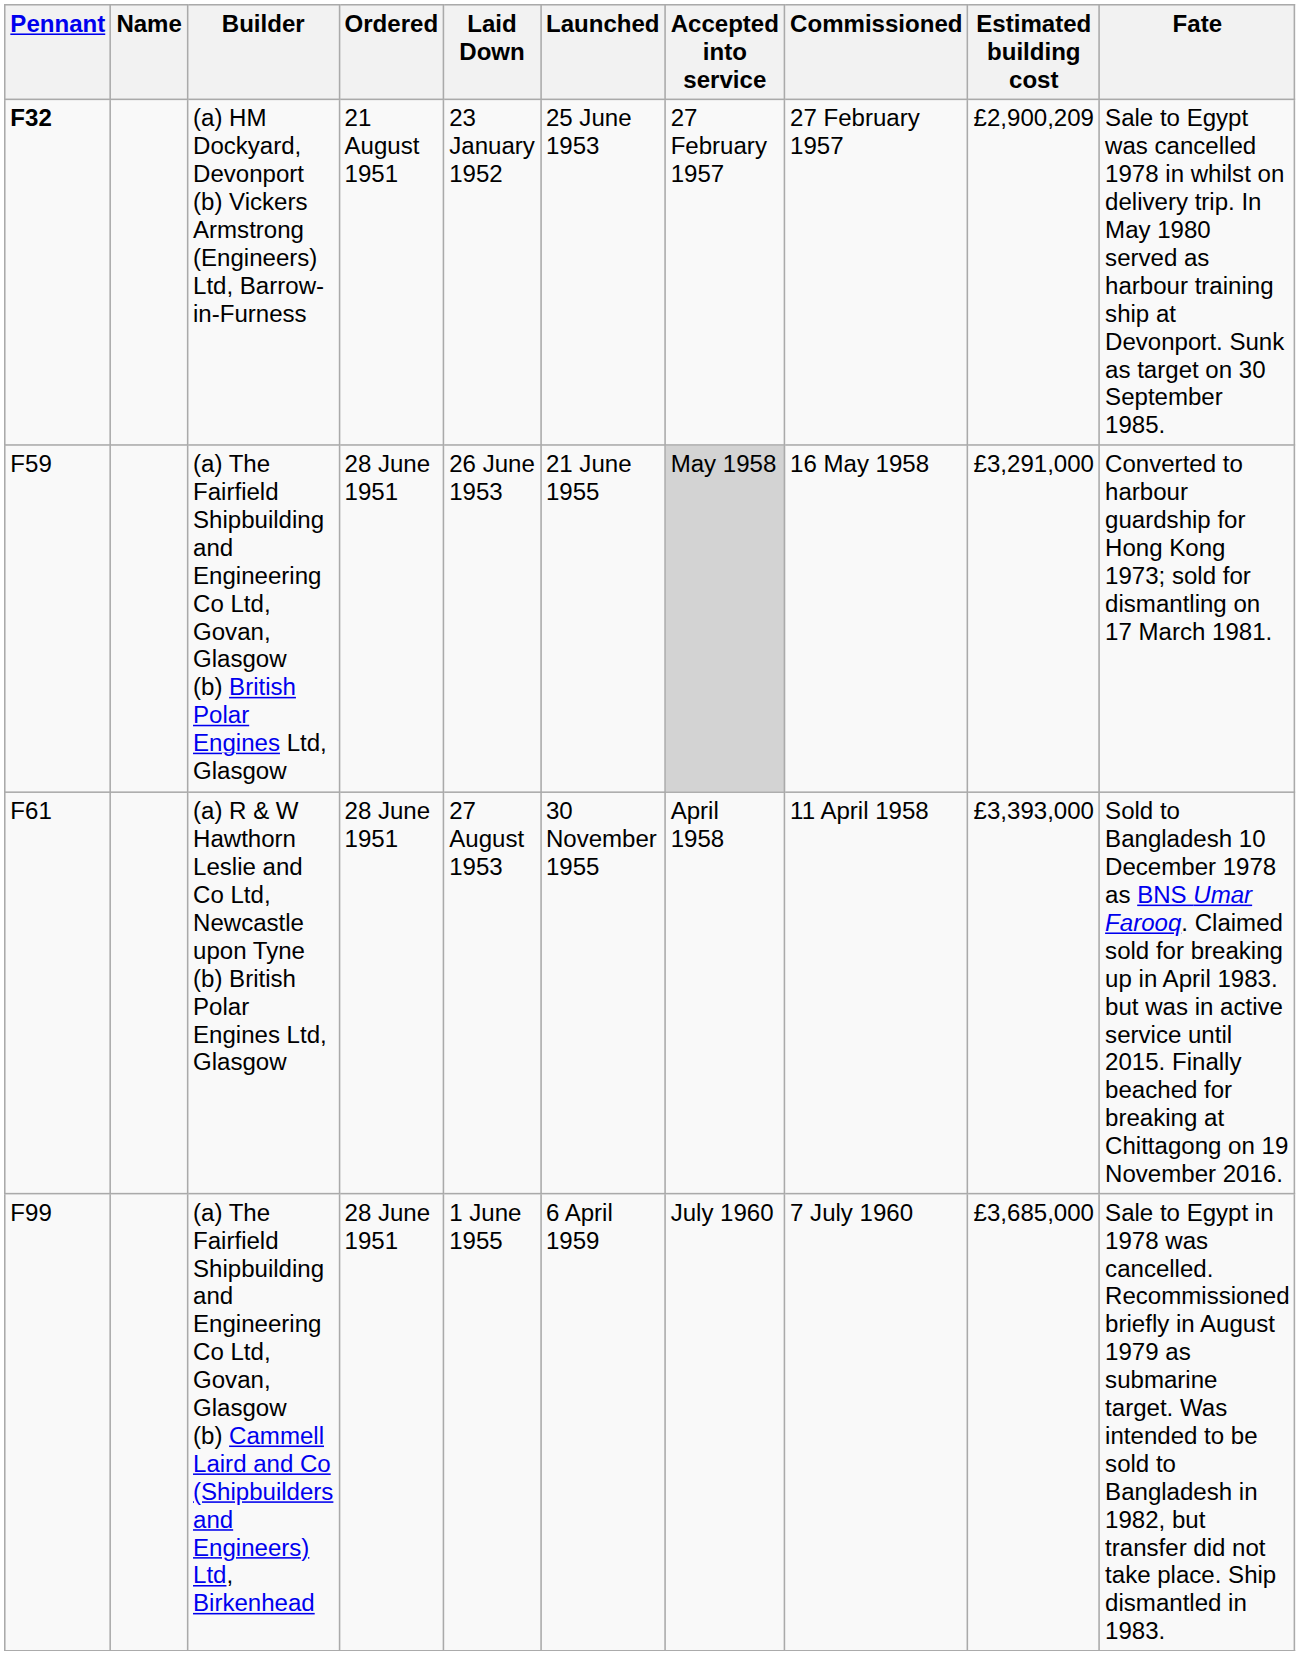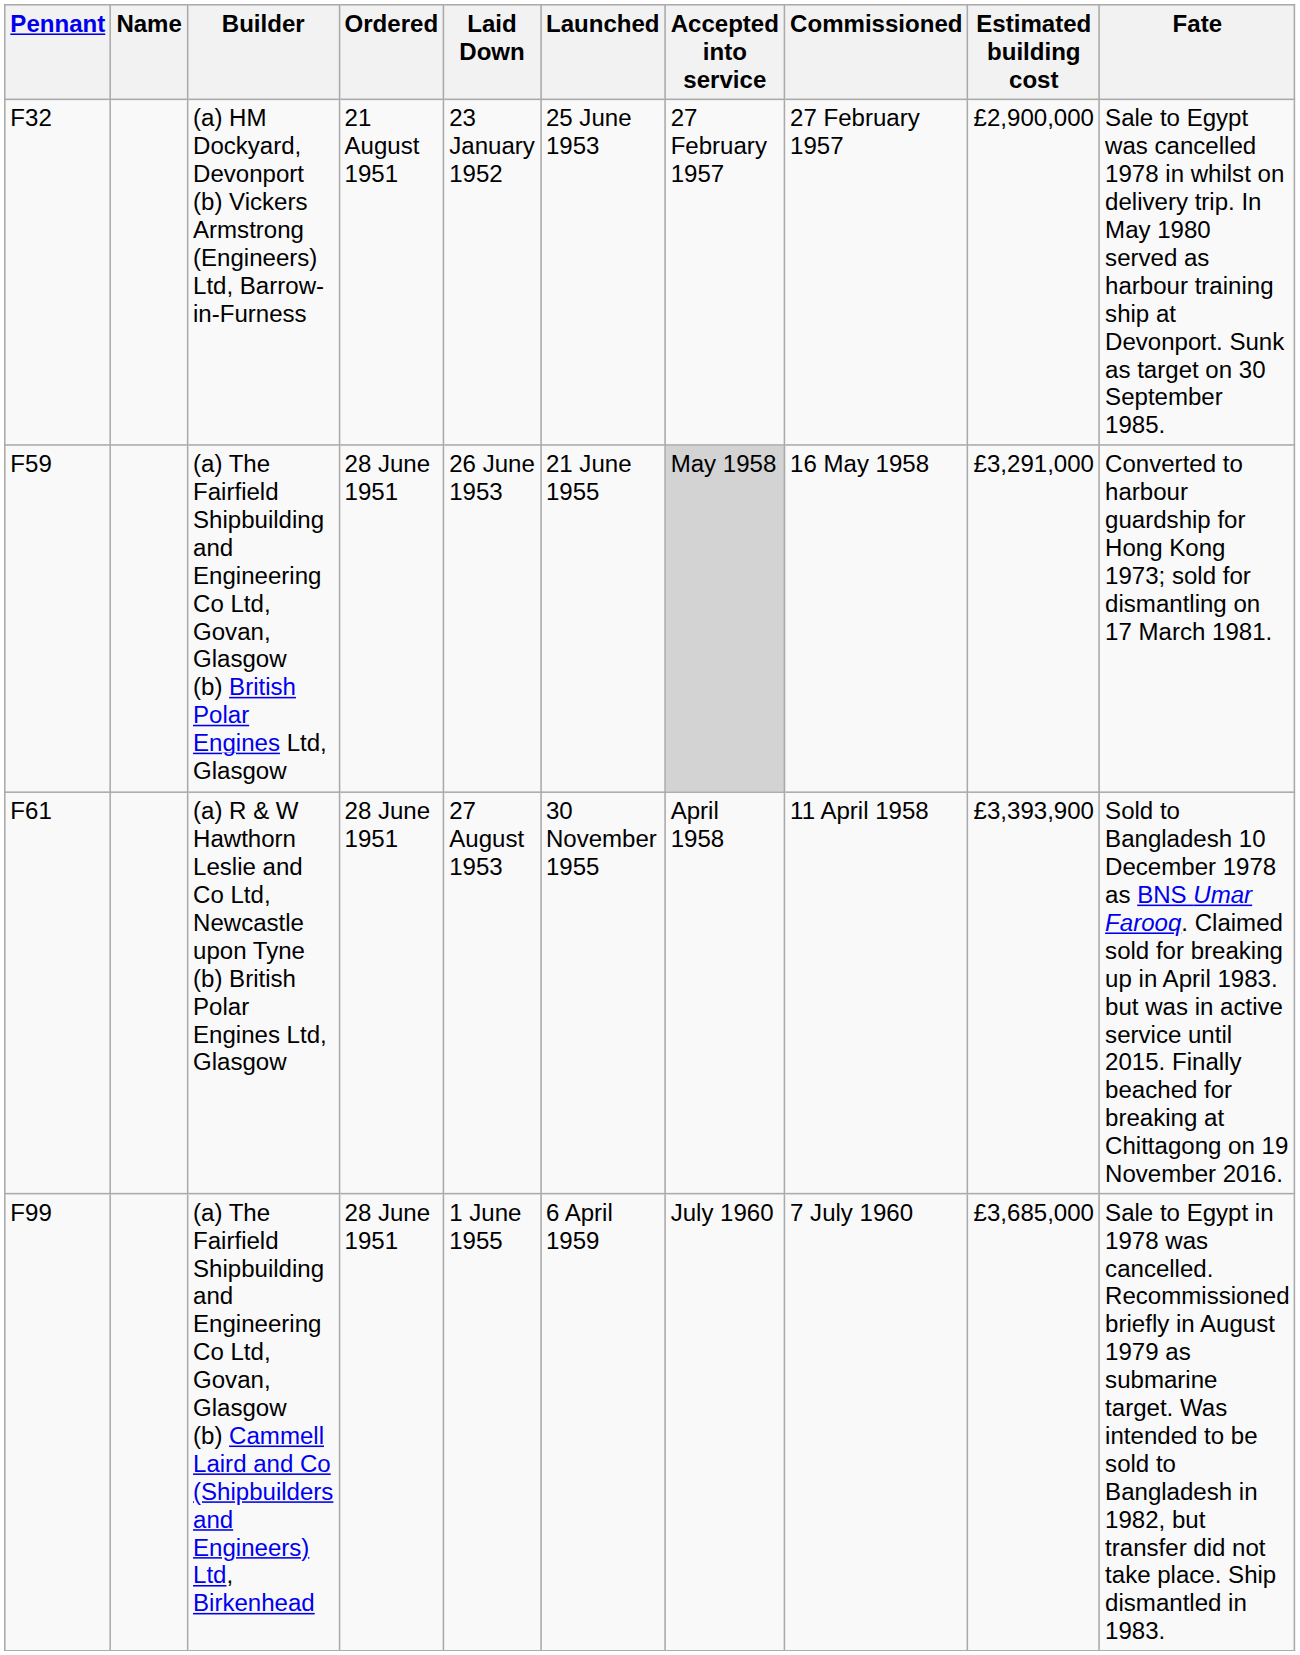 <table class="wikitable" style="font-size:97%;">
 <tr valign=top>
 <th><a href='#'>Pennant</a></th>
 <th>Name</th>
 <th width="20%">Builder</th>
 <th>Ordered</th>
 <th>Laid Down</th>
 <th>Launched</th>
 <th>Accepted into service</th>
 <th>Commissioned</th>
 <th>Estimated building cost</th>
 <th width="20%">Fate</th>
 </tr>
 <tr valign=top>
-<td><strong>F32</strong></td>
+<td>F32</td>
 <td></td>
 <td>(a) HM Dockyard, Devonport<br> (b) Vickers Armstrong (Engineers) Ltd, Barrow-in-Furness </td>
 <td>21 August 1951 </td>
 <td>23 January 1952 </td>
 <td>25 June 1953 </td>
 <td>27 February 1957 </td>
 <td>27 February 1957 </td>
-<td>£2,900,209 </td>
+<td>£2,900,000 </td>
 <td>Sale to Egypt was cancelled 1978 in whilst on delivery trip. In May 1980 served as harbour training ship at Devonport. Sunk as target on 30 September 1985.</td>
 </tr>
 <tr valign=top>
 <td>F59</td>
 <td></td>
 <td>(a) The Fairfield Shipbuilding and Engineering Co Ltd, Govan, Glasgow<br>(b) <a href='#'>British Polar Engines</a> Ltd, Glasgow </td>
 <td>28 June 1951 </td>
 <td>26 June 1953 </td>
 <td>21 June 1955 </td>
 <td style="background: lightgrey;">May 1958 </td>
 <td>16 May 1958 </td>
 <td>£3,291,000 </td>
 <td>Converted to harbour guardship for Hong Kong 1973; sold for dismantling on 17 March 1981.</td>
 </tr>
 <tr valign=top>
 <td>F61</td>
 <td></td>
 <td>(a) R & W Hawthorn Leslie and Co Ltd, Newcastle upon Tyne<br>(b) British Polar Engines Ltd, Glasgow </td>
 <td>28 June 1951 </td>
 <td>27 August 1953 </td>
 <td>30 November 1955 </td>
 <td>April 1958 </td>
 <td>11 April 1958 </td>
-<td>£3,393,000 </td>
+<td>£3,393,900 </td>
 <td>Sold to Bangladesh 10 December 1978 as <a href='#'>BNS <em>Umar Farooq</em></a>.  Claimed sold for breaking up in April 1983. but was in active service until 2015. Finally beached for breaking at Chittagong on 19 November 2016.</td>
 </tr>
 <tr valign=top>
 <td>F99</td>
 <td></td>
 <td>(a) The Fairfield Shipbuilding and Engineering Co Ltd, Govan, Glasgow<br>(b) <a href='#'>Cammell Laird and Co (Shipbuilders and Engineers) Ltd</a>, <a href='#'>Birkenhead</a></td>
 <td>28 June 1951 </td>
 <td>1 June 1955 </td>
 <td>6 April 1959 </td>
 <td>July 1960 </td>
 <td>7 July 1960 </td>
 <td>£3,685,000 </td>
 <td>Sale to Egypt in 1978 was cancelled.  Recommissioned briefly in August 1979 as submarine target.  Was intended to be sold to Bangladesh in 1982, but transfer did not take place. Ship dismantled in 1983.</td>
 </tr>
 <tr>
 </tr>
 </table>
